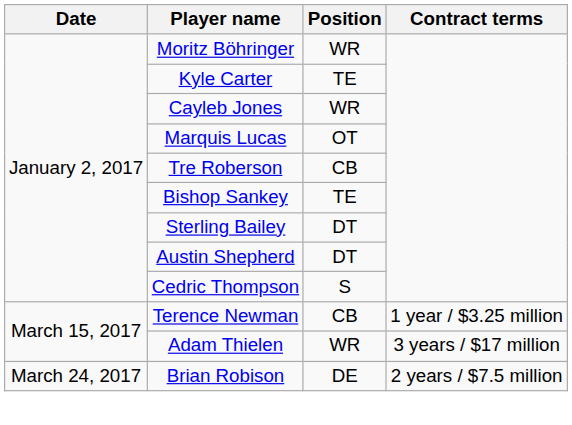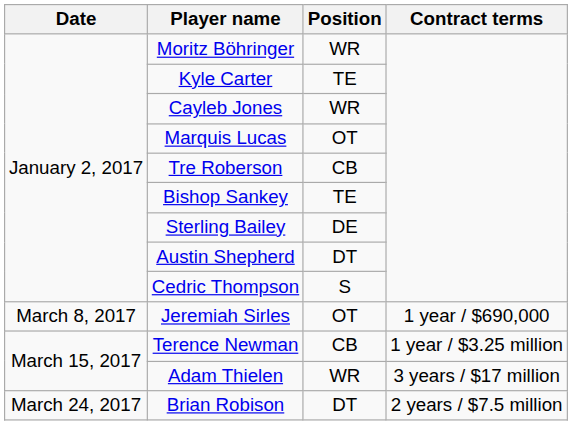 <table class="wikitable" style="text-align:center">
 <tr>
 <th>Date</th>
 <th>Player name</th>
 <th>Position</th>
 <th>Contract terms</th>
 </tr>
 <tr>
 <td rowspan=9>January 2, 2017</td>
 <td><a href='#'>Moritz Böhringer</a></td>
 <td>WR</td>
 <td rowspan=9></td>
 </tr>
 <tr>
 <td><a href='#'>Kyle Carter</a></td>
 <td>TE</td>
 </tr>
 <tr>
 <td><a href='#'>Cayleb Jones</a></td>
 <td>WR</td>
 </tr>
 <tr>
 <td><a href='#'>Marquis Lucas</a></td>
 <td>OT</td>
 </tr>
 <tr>
 <td><a href='#'>Tre Roberson</a></td>
 <td>CB</td>
 </tr>
 <tr>
 <td><a href='#'>Bishop Sankey</a></td>
 <td>TE</td>
 </tr>
 <tr>
 <td><a href='#'>Sterling Bailey</a></td>
-<td>DT</td>
+<td>DE</td>
 </tr>
 <tr>
 <td><a href='#'>Austin Shepherd</a></td>
 <td>DT</td>
 </tr>
 <tr>
 <td><a href='#'>Cedric Thompson</a></td>
 <td>S</td>
+</tr>
+<tr>
+<td>March 8, 2017</td>
+<td><a href='#'>Jeremiah Sirles</a></td>
+<td>OT</td>
+<td>1 year / $690,000</td>
 </tr>
 <tr>
 <td rowspan=2>March 15, 2017</td>
 <td><a href='#'>Terence Newman</a></td>
 <td>CB</td>
 <td>1 year / $3.25 million</td>
 </tr>
 <tr>
 <td><a href='#'>Adam Thielen</a></td>
 <td>WR</td>
 <td>3 years / $17 million</td>
 </tr>
 <tr>
 <td>March 24, 2017</td>
 <td><a href='#'>Brian Robison</a></td>
-<td>DE</td>
+<td>DT</td>
 <td>2 years / $7.5 million</td>
 </tr>
 </table>
